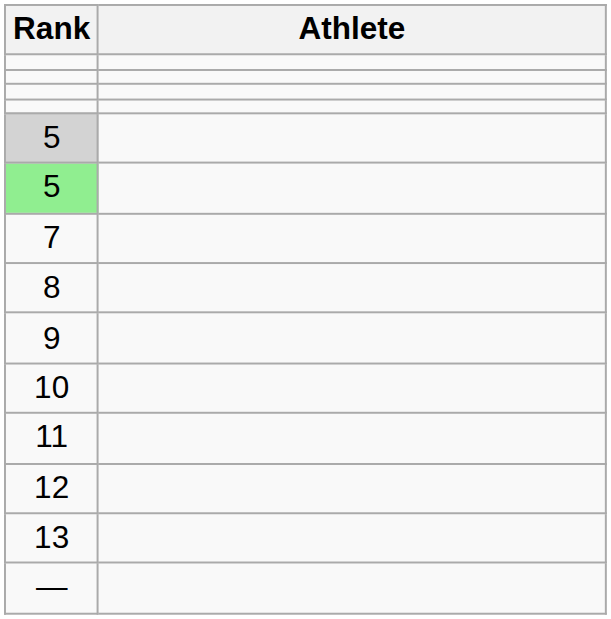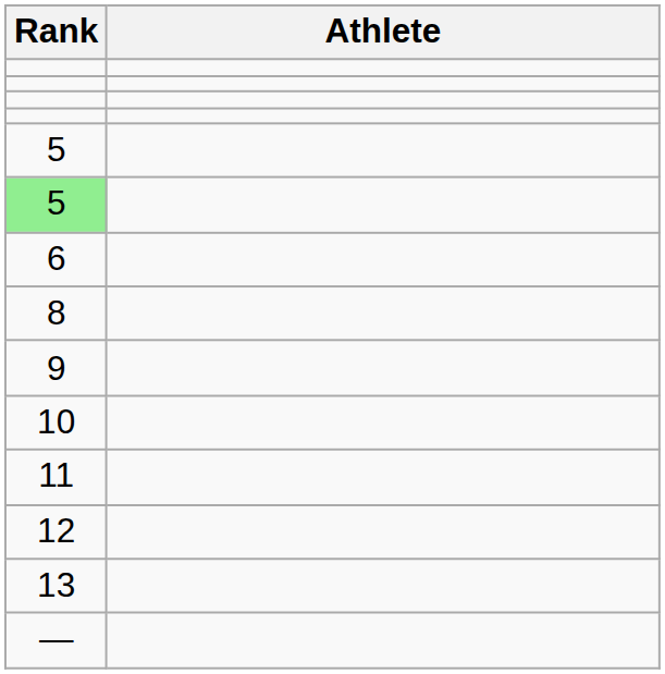 <table class="wikitable" style="text-align: center;">
 <tr>
 <th width=40>Rank</th>
 <th width=250>Athlete</th>
 </tr>
 <tr>
 <td></td>
 <td align="left"></td>
 </tr>
 <tr>
 <td></td>
 <td align="left"></td>
 </tr>
 <tr>
 <td></td>
 <td align="left"></td>
 </tr>
 <tr>
 <td></td>
 <td align="left"></td>
 </tr>
 <tr>
-<td style="background: lightgrey;">5</td>
+<td>5</td>
 <td align="left"></td>
 </tr>
 <tr>
 <td style="background: lightgreen;">5</td>
 <td align="left"></td>
 </tr>
 <tr>
-<td>7</td>
+<td>6</td>
 <td align="left"></td>
 </tr>
 <tr>
 <td>8</td>
 <td align="left"></td>
 </tr>
 <tr>
 <td>9</td>
 <td align="left"></td>
 </tr>
 <tr>
 <td>10</td>
 <td align="left"></td>
 </tr>
 <tr>
 <td>11</td>
 <td align="left"></td>
 </tr>
 <tr>
 <td>12</td>
 <td align="left"></td>
 </tr>
 <tr>
 <td>13</td>
 <td align="left"></td>
 </tr>
 <tr>
 <td>—</td>
 <td align="left"></td>
 </tr>
 </table>
